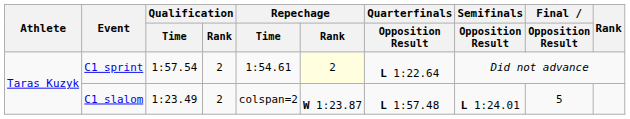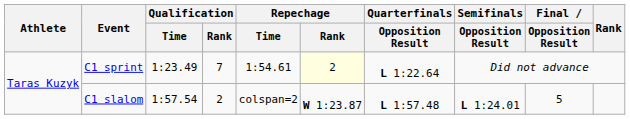 <table class="wikitable" style="font-size:90%">
 <tr>
 <th rowspan=2>Athlete</th>
 <th rowspan=2>Event</th>
 <th colspan=2>Qualification</th>
 <th colspan=2>Repechage</th>
 <th>Quarterfinals</th>
 <th>Semifinals</th>
 <th>Final / </th>
 <th rowspan=2>Rank</th>
 </tr>
 <tr style="font-size:95%">
 <th>Time</th>
 <th>Rank</th>
 <th>Time</th>
 <th>Rank</th>
 <th>Opposition <br>Result</th>
 <th>Opposition <br>Result</th>
 <th>Opposition <br>Result</th>
 </tr>
 <tr align=center>
 <td rowspan=2><a href='#'>Taras Kuzyk</a></td>
 <td align="left"><a href='#'>C1 sprint</a></td>
-<td>1:57.54</td>
-<td>2</td>
+<td>1:23.49</td>
+<td>7</td>
 <td>1:54.61</td>
 <td style="background: lightyellow;">2</td>
 <td><br><strong>L</strong> 1:22.64</td>
 <td colspan=3><em>Did not advance</em></td>
 </tr>
 <tr align=center>
 <td align="left"><a href='#'>C1 slalom</a></td>
-<td>1:23.49</td>
+<td>1:57.54</td>
 <td>2</td>
 <td>colspan=2 </td>
 <td><br><strong>W</strong> 1:23.87</td>
 <td><br><strong>L</strong> 1:57.48</td>
 <td><br><strong>L</strong> 1:24.01</td>
 <td>5</td>
 </tr>
 </table>
